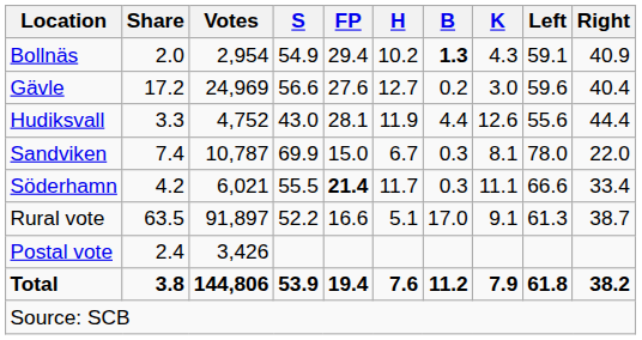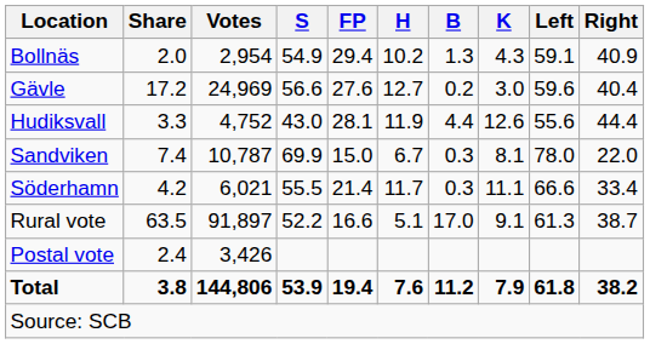 <table class="wikitable sortable" style=text-align:right>
 <tr>
 <th>Location</th>
 <th>Share</th>
 <th>Votes</th>
 <th><a href='#'>S</a></th>
 <th><a href='#'>FP</a></th>
 <th><a href='#'>H</a></th>
 <th><a href='#'>B</a></th>
 <th><a href='#'>K</a></th>
 <th>Left</th>
 <th>Right</th>
 </tr>
 <tr>
 <td align=left><a href='#'>Bollnäs</a></td>
 <td>2.0</td>
 <td>2,954</td>
 <td>54.9</td>
 <td>29.4</td>
 <td>10.2</td>
-<td><strong>1.3</strong></td>
+<td>1.3</td>
 <td>4.3</td>
 <td>59.1</td>
 <td>40.9</td>
 </tr>
 <tr>
 <td align=left><a href='#'>Gävle</a></td>
 <td>17.2</td>
 <td>24,969</td>
 <td>56.6</td>
 <td>27.6</td>
 <td>12.7</td>
 <td>0.2</td>
 <td>3.0</td>
 <td>59.6</td>
 <td>40.4</td>
 </tr>
 <tr>
 <td align=left><a href='#'>Hudiksvall</a></td>
 <td>3.3</td>
 <td>4,752</td>
 <td>43.0</td>
 <td>28.1</td>
 <td>11.9</td>
 <td>4.4</td>
 <td>12.6</td>
 <td>55.6</td>
 <td>44.4</td>
 </tr>
 <tr>
 <td align=left><a href='#'>Sandviken</a></td>
 <td>7.4</td>
 <td>10,787</td>
 <td>69.9</td>
 <td>15.0</td>
 <td>6.7</td>
 <td>0.3</td>
 <td>8.1</td>
 <td>78.0</td>
 <td>22.0</td>
 </tr>
 <tr>
 <td align=left><a href='#'>Söderhamn</a></td>
 <td>4.2</td>
 <td>6,021</td>
 <td>55.5</td>
-<td><strong>21.4</strong></td>
+<td>21.4</td>
 <td>11.7</td>
 <td>0.3</td>
 <td>11.1</td>
 <td>66.6</td>
 <td>33.4</td>
 </tr>
 <tr>
 <td align=left>Rural vote</td>
 <td>63.5</td>
 <td>91,897</td>
 <td>52.2</td>
 <td>16.6</td>
 <td>5.1</td>
 <td>17.0</td>
 <td>9.1</td>
 <td>61.3</td>
 <td>38.7</td>
 </tr>
 <tr>
 <td align=left><a href='#'>Postal vote</a></td>
 <td>2.4</td>
 <td>3,426</td>
 <td></td>
 <td></td>
 <td></td>
 <td></td>
 <td></td>
 <td></td>
 <td></td>
 </tr>
 <tr>
 <td align=left><strong>Total</strong></td>
 <td><strong>3.8</strong></td>
 <td><strong>144,806</strong></td>
 <td><strong>53.9</strong></td>
 <td><strong>19.4</strong></td>
 <td><strong>7.6</strong></td>
 <td><strong>11.2</strong></td>
 <td><strong>7.9</strong></td>
 <td><strong>61.8</strong></td>
 <td><strong>38.2</strong></td>
 </tr>
 <tr>
 <td align=left colspan=10>Source: SCB </td>
 </tr>
 </table>
